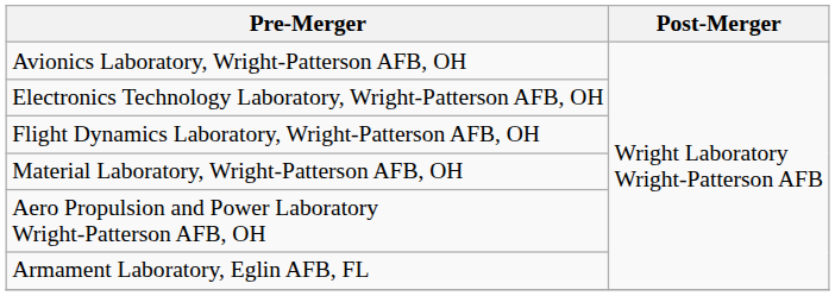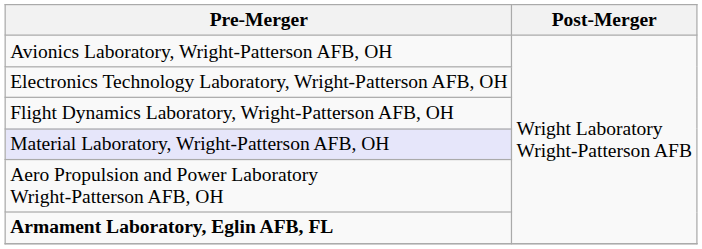 <table class="wikitable" style="margin: 1em auto 1em auto">
 <tr>
 <th>Pre-Merger</th>
 <th>Post-Merger</th>
 </tr>
 <tr>
 <td>Avionics Laboratory, Wright-Patterson AFB, OH</td>
 <td rowspan=6>Wright Laboratory<br>Wright-Patterson AFB</td>
 </tr>
 <tr>
 <td>Electronics Technology Laboratory, Wright-Patterson AFB, OH</td>
 </tr>
 <tr>
 <td>Flight Dynamics Laboratory, Wright-Patterson AFB, OH</td>
 </tr>
 <tr>
-<td>Material Laboratory, Wright-Patterson AFB, OH</td>
+<td style="background: lavender;">Material Laboratory, Wright-Patterson AFB, OH</td>
 </tr>
 <tr>
 <td>Aero Propulsion and Power Laboratory<br>Wright-Patterson AFB, OH</td>
 </tr>
 <tr>
-<td>Armament Laboratory, Eglin AFB, FL</td>
+<td><strong>Armament Laboratory, Eglin AFB, FL</strong></td>
 </tr>
 <tr>
 </tr>
 </table>
